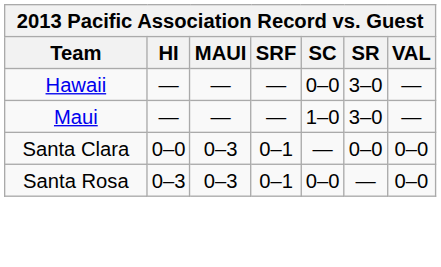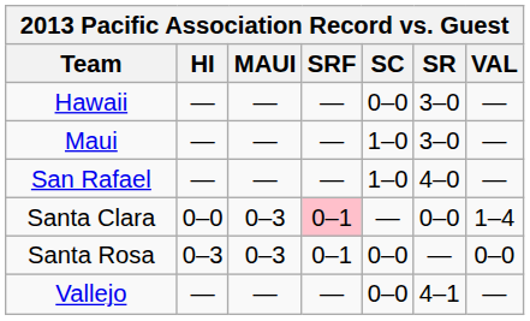 <table class="wikitable" style="font-size:95%; text-align:center;">
 <tr>
 <th colspan=7>2013 Pacific Association Record vs. Guest</th>
 </tr>
 <tr>
 <th style="width:100px;">Team</th>
 <th>HI</th>
 <th>MAUI</th>
 <th>SRF</th>
 <th>SC</th>
 <th>SR</th>
 <th>VAL</th>
 </tr>
 <tr>
 <td><a href='#'>Hawaii</a></td>
 <td>—</td>
 <td>—</td>
 <td>—</td>
 <td>0–0</td>
 <td>3–0</td>
 <td>—</td>
 </tr>
 <tr>
 <td><a href='#'>Maui</a></td>
 <td>—</td>
 <td>—</td>
 <td>—</td>
 <td>1–0</td>
 <td>3–0</td>
 <td>—</td>
 </tr>
 <tr>
+<td><a href='#'>San Rafael</a></td>
+<td>—</td>
+<td>—</td>
+<td>—</td>
+<td>1–0</td>
+<td>4–0</td>
+<td>—</td>
+</tr>
+<tr>
 <td>Santa Clara</td>
 <td>0–0</td>
 <td>0–3</td>
-<td>0–1</td>
+<td style="background: pink;">0–1</td>
 <td>—</td>
 <td>0–0</td>
-<td>0–0</td>
+<td>1–4</td>
 </tr>
 <tr>
 <td>Santa Rosa</td>
 <td>0–3</td>
 <td>0–3</td>
 <td>0–1</td>
 <td>0–0</td>
 <td>—</td>
 <td>0–0</td>
 </tr>
+<tr>
+<td><a href='#'>Vallejo</a></td>
+<td>—</td>
+<td>—</td>
+<td>—</td>
+<td>0–0</td>
+<td>4–1</td>
+<td>—</td>
+</tr>
 </table>
